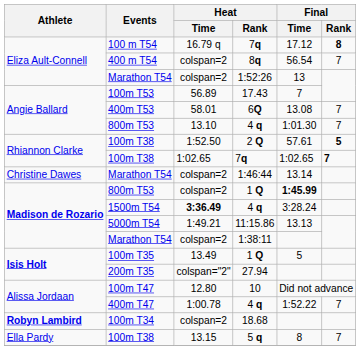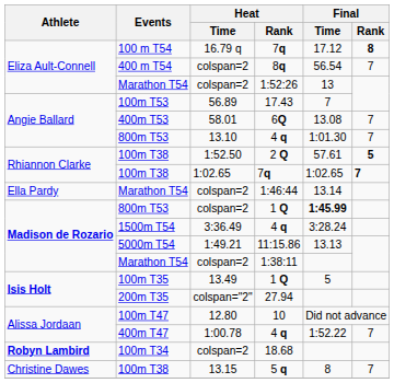 <table class=wikitable>
 <tr>
 <th rowspan="2">Athlete</th>
 <th rowspan="2">Events</th>
 <th colspan="2">Heat</th>
 <th colspan="2">Final</th>
 </tr>
 <tr>
 <th>Time</th>
 <th>Rank</th>
 <th>Time</th>
 <th>Rank</th>
 </tr>
 <tr align=center>
 <td rowspan=3 align=left><a href='#'>Eliza Ault-Connell</a></td>
 <td align=left><a href='#'>100 m T54</a></td>
 <td>16.79 q</td>
 <td>7<strong>q</strong></td>
 <td>17.12</td>
 <td><strong>8</strong></td>
 </tr>
 <tr align=center>
 <td align=left><a href='#'>400 m T54</a></td>
 <td>colspan=2 </td>
 <td>8<strong>q</strong></td>
 <td>56.54</td>
 <td>7</td>
 </tr>
 <tr align=center>
 <td align=left><a href='#'>Marathon T54</a></td>
 <td>colspan=2 </td>
 <td>1:52:26</td>
 <td>13</td>
 </tr>
 <tr align=center>
 <td rowspan=3 align=left><a href='#'>Angie Ballard</a></td>
 <td align=left><a href='#'>100m T53</a></td>
 <td>56.89</td>
 <td>17.43</td>
 <td>7</td>
 </tr>
 <tr align=center>
 <td align=left><a href='#'>400m T53</a></td>
 <td>58.01</td>
 <td>6<strong>Q</strong></td>
 <td>13.08</td>
 <td>7</td>
 </tr>
 <tr align=center>
 <td align=left><a href='#'>800m T53</a></td>
 <td>13.10</td>
 <td>4 <strong>q</strong></td>
 <td>1:01.30</td>
 <td>7</td>
 </tr>
 <tr align=center>
 <td rowspan=2 align=left><a href='#'>Rhiannon Clarke</a></td>
 <td align=left><a href='#'>100m T38</a></td>
 <td>1:52.50</td>
 <td>2 <strong>Q</strong></td>
 <td>57.61</td>
 <td><strong>5</strong></td>
 </tr>
 <tr>
 <td align=left><a href='#'>100m T38</a></td>
 <td>1:02.65</td>
 <td>7<strong>q</strong></td>
 <td>1:02.65 </td>
 <td><strong>7</strong></td>
 </tr>
 <tr align=center>
-<td align=left><a href='#'>Christine Dawes</a></td>
+<td align=left><a href='#'>Ella Pardy</a></td>
 <td align=left><a href='#'>Marathon T54</a></td>
 <td>colspan=2 </td>
 <td>1:46:44</td>
 <td>13.14</td>
 </tr>
 <tr align=center>
 <td rowspan=4 align=left><strong><a href='#'>Madison de Rozario</a></strong></td>
 <td align=left><a href='#'>800m T53</a></td>
 <td>colspan=2 </td>
 <td>1 <strong>Q</strong></td>
 <td><strong>1:45.99</strong></td>
 <td></td>
 </tr>
 <tr align=center>
 <td align=left><a href='#'>1500m T54</a></td>
-<td><strong>3:36.49</strong></td>
+<td>3:36.49</td>
 <td>4 <strong>q</strong></td>
 <td>3:28.24</td>
 <td></td>
 </tr>
 <tr align=center>
 <td align=left><a href='#'>5000m T54</a></td>
 <td>1:49.21</td>
 <td>11:15.86</td>
 <td>13.13</td>
 </tr>
 <tr align=center>
 <td align=left><a href='#'>Marathon T54</a></td>
 <td>colspan=2 </td>
 <td>1:38:11 </td>
 <td></td>
 </tr>
 <tr align=center>
 <td rowspan=2 align=left><strong><a href='#'>Isis Holt</a></strong></td>
 <td align=left><a href='#'>100m T35</a></td>
 <td>13.49</td>
 <td>1 <strong>Q</strong></td>
 <td>5</td>
 <td></td>
 </tr>
 <tr align=center>
 <td align=left><a href='#'>200m T35</a></td>
 <td>colspan="2" </td>
 <td>27.94</td>
 <td></td>
 </tr>
 <tr align=center>
 <td rowspan=2 align=left><a href='#'>Alissa Jordaan</a></td>
 <td align=left><a href='#'>100m T47</a></td>
 <td>12.80</td>
 <td>10</td>
 <td align="center" colspan=2>Did not advance</td>
 </tr>
 <tr align=center>
 <td align=left><a href='#'>400m T47</a></td>
 <td>1:00.78</td>
 <td>4 <strong>q</strong></td>
 <td>1:52.22</td>
 <td>7</td>
 </tr>
 <tr align=center>
 <td align=left><strong><a href='#'>Robyn Lambird</a></strong></td>
 <td align=left><a href='#'>100m T34</a></td>
 <td>colspan=2 </td>
 <td>18.68</td>
 <td></td>
 </tr>
 <tr align=center>
-<td align=left><a href='#'>Ella Pardy</a></td>
+<td align=left><a href='#'>Christine Dawes</a></td>
 <td align=left><a href='#'>100m T38</a></td>
 <td>13.15</td>
 <td>5 <strong>q</strong></td>
 <td>8</td>
 <td>7</td>
 </tr>
 <tr>
 </tr>
 </table>
